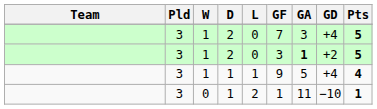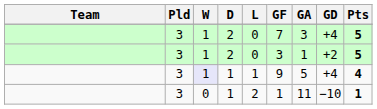 <table class="wikitable" style="text-align: center;">
 <tr>
 <th width=165>Team</th>
 <th width=20>Pld</th>
 <th width=20>W</th>
 <th width=20>D</th>
 <th width=20>L</th>
 <th width=20>GF</th>
 <th width=20>GA</th>
 <th width=20>GD</th>
 <th width=20>Pts</th>
 </tr>
 <tr>
 </tr>
 <tr style="background:#ccffcc;">
 <td align=left></td>
 <td>3</td>
 <td>1</td>
 <td>2</td>
 <td>0</td>
 <td>7</td>
 <td>3</td>
 <td>+4</td>
 <td><strong>5</strong></td>
 </tr>
 <tr style="background:#ccffcc;">
 <td align=left></td>
 <td>3</td>
 <td>1</td>
 <td>2</td>
 <td>0</td>
 <td>3</td>
-<td><strong>1</strong></td>
+<td>1</td>
 <td>+2</td>
 <td><strong>5</strong></td>
 </tr>
 <tr>
 <td align=left></td>
 <td>3</td>
-<td>1</td>
+<td style="background: lavender;">1</td>
 <td>1</td>
 <td>1</td>
 <td>9</td>
 <td>5</td>
 <td>+4</td>
 <td><strong>4</strong></td>
 </tr>
 <tr>
 <td align=left></td>
 <td>3</td>
 <td>0</td>
 <td>1</td>
 <td>2</td>
 <td>1</td>
 <td>11</td>
 <td>−10</td>
 <td><strong>1</strong></td>
 </tr>
 </table>
